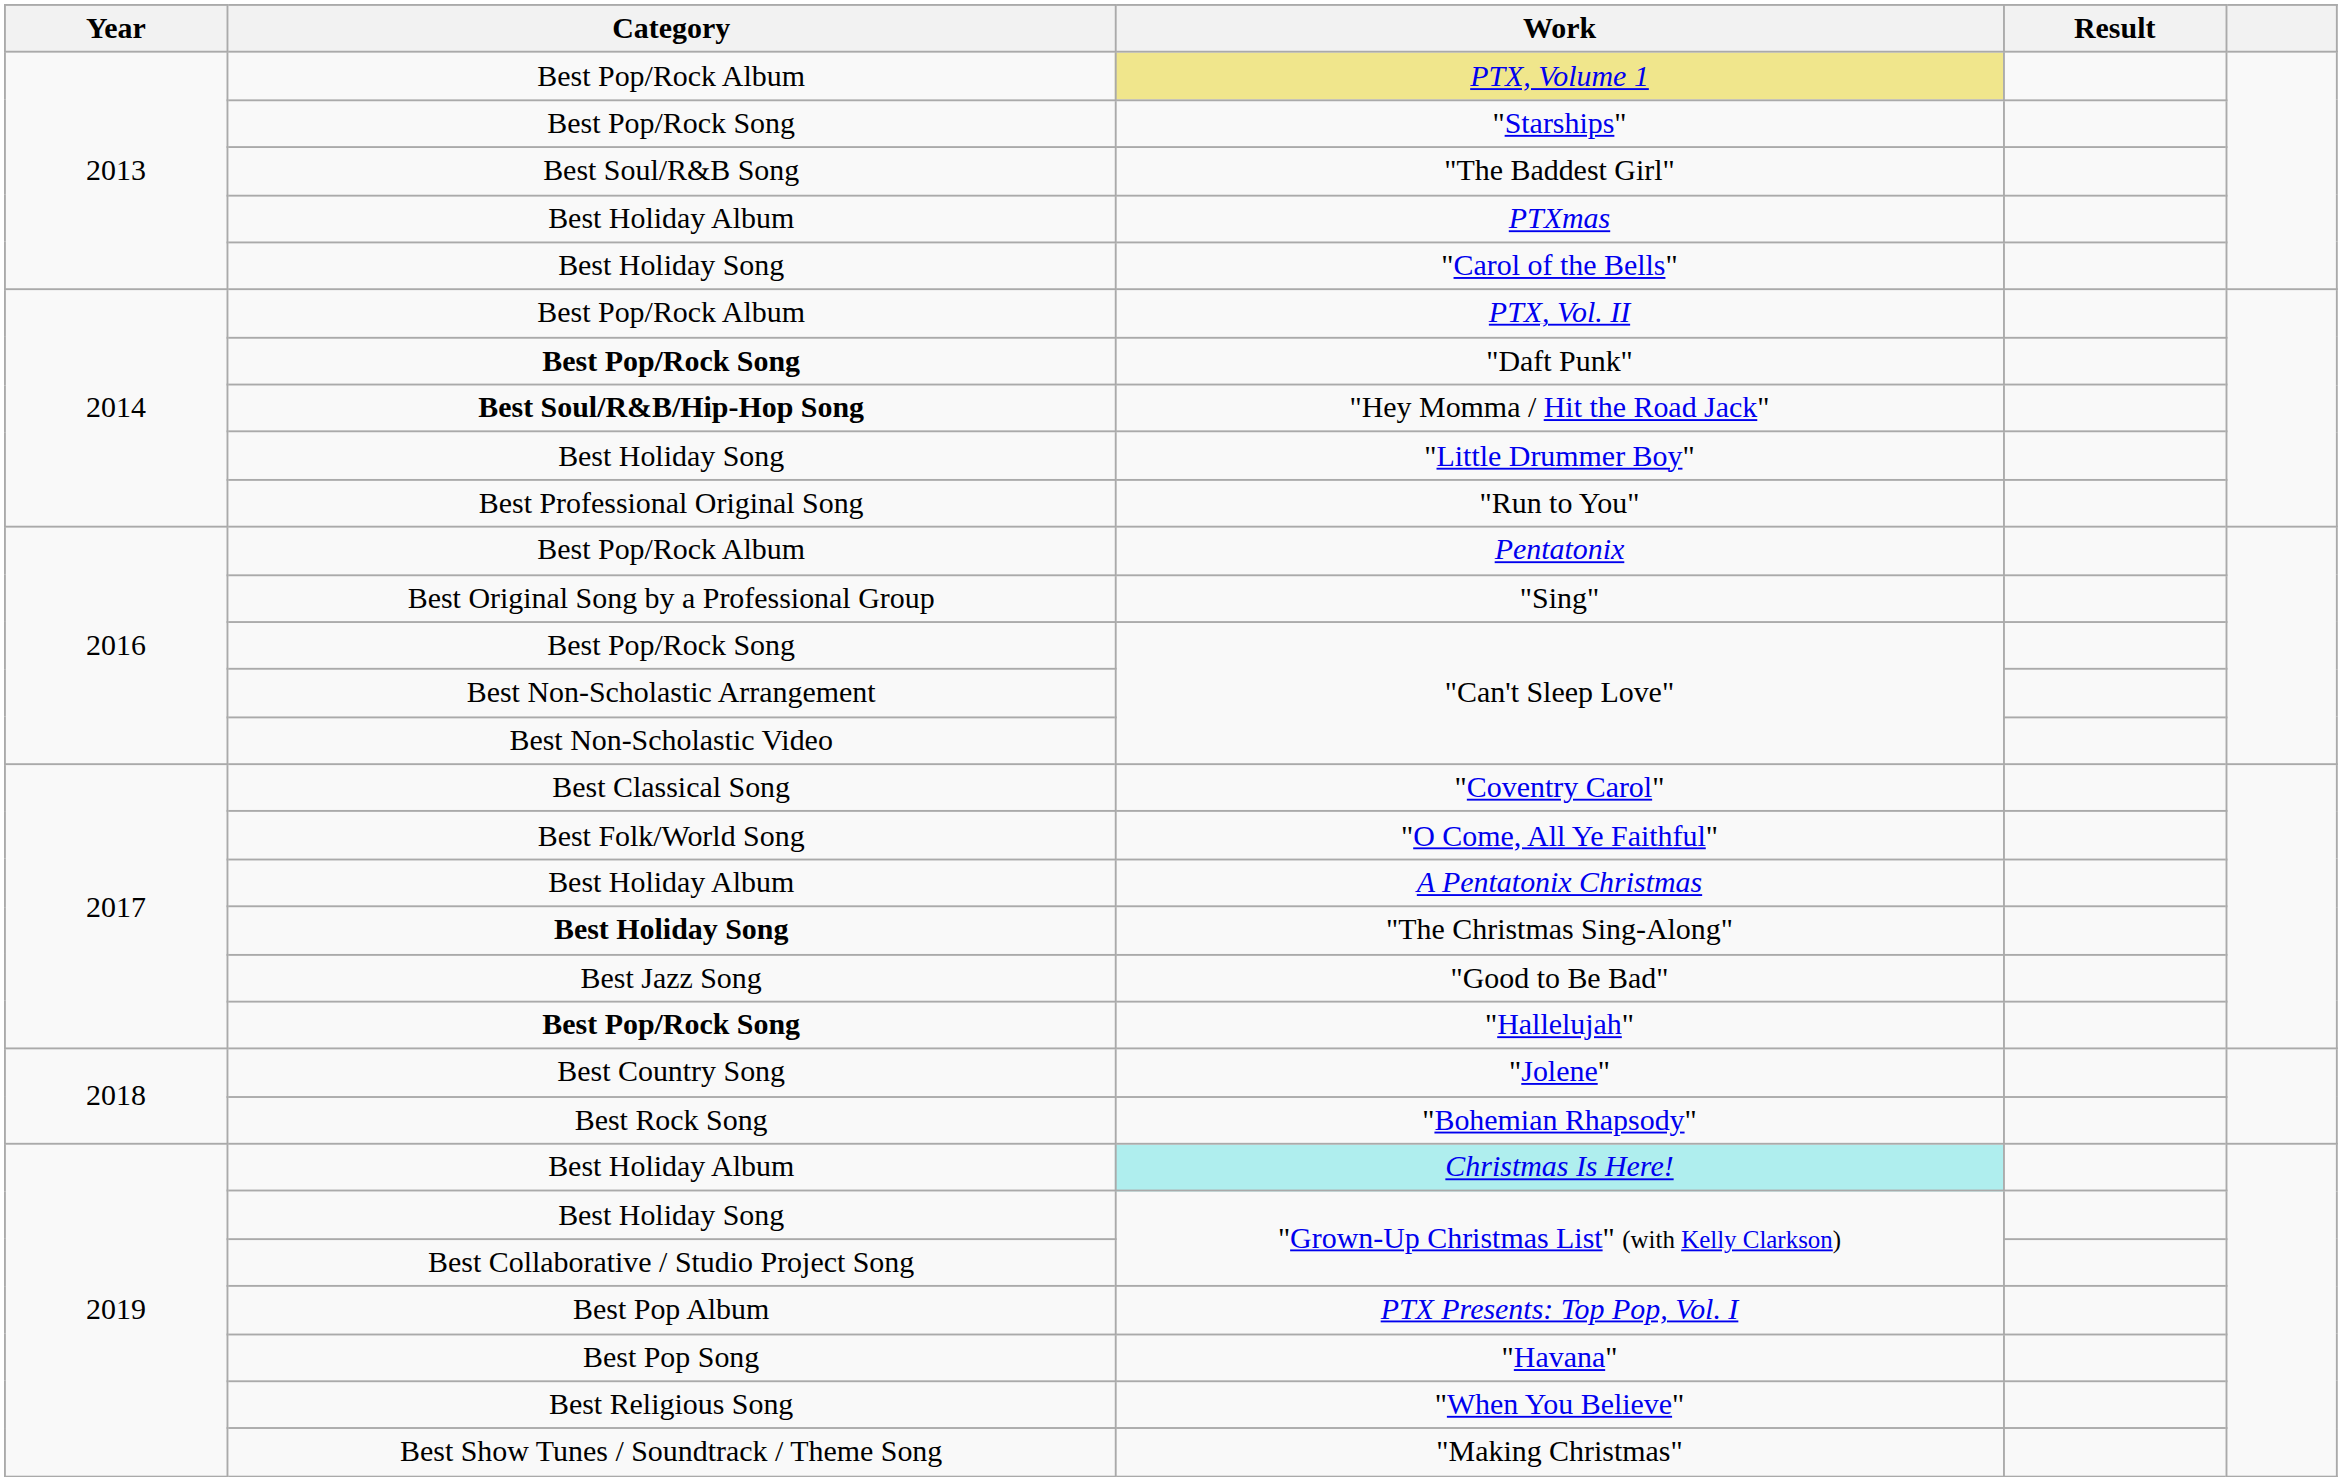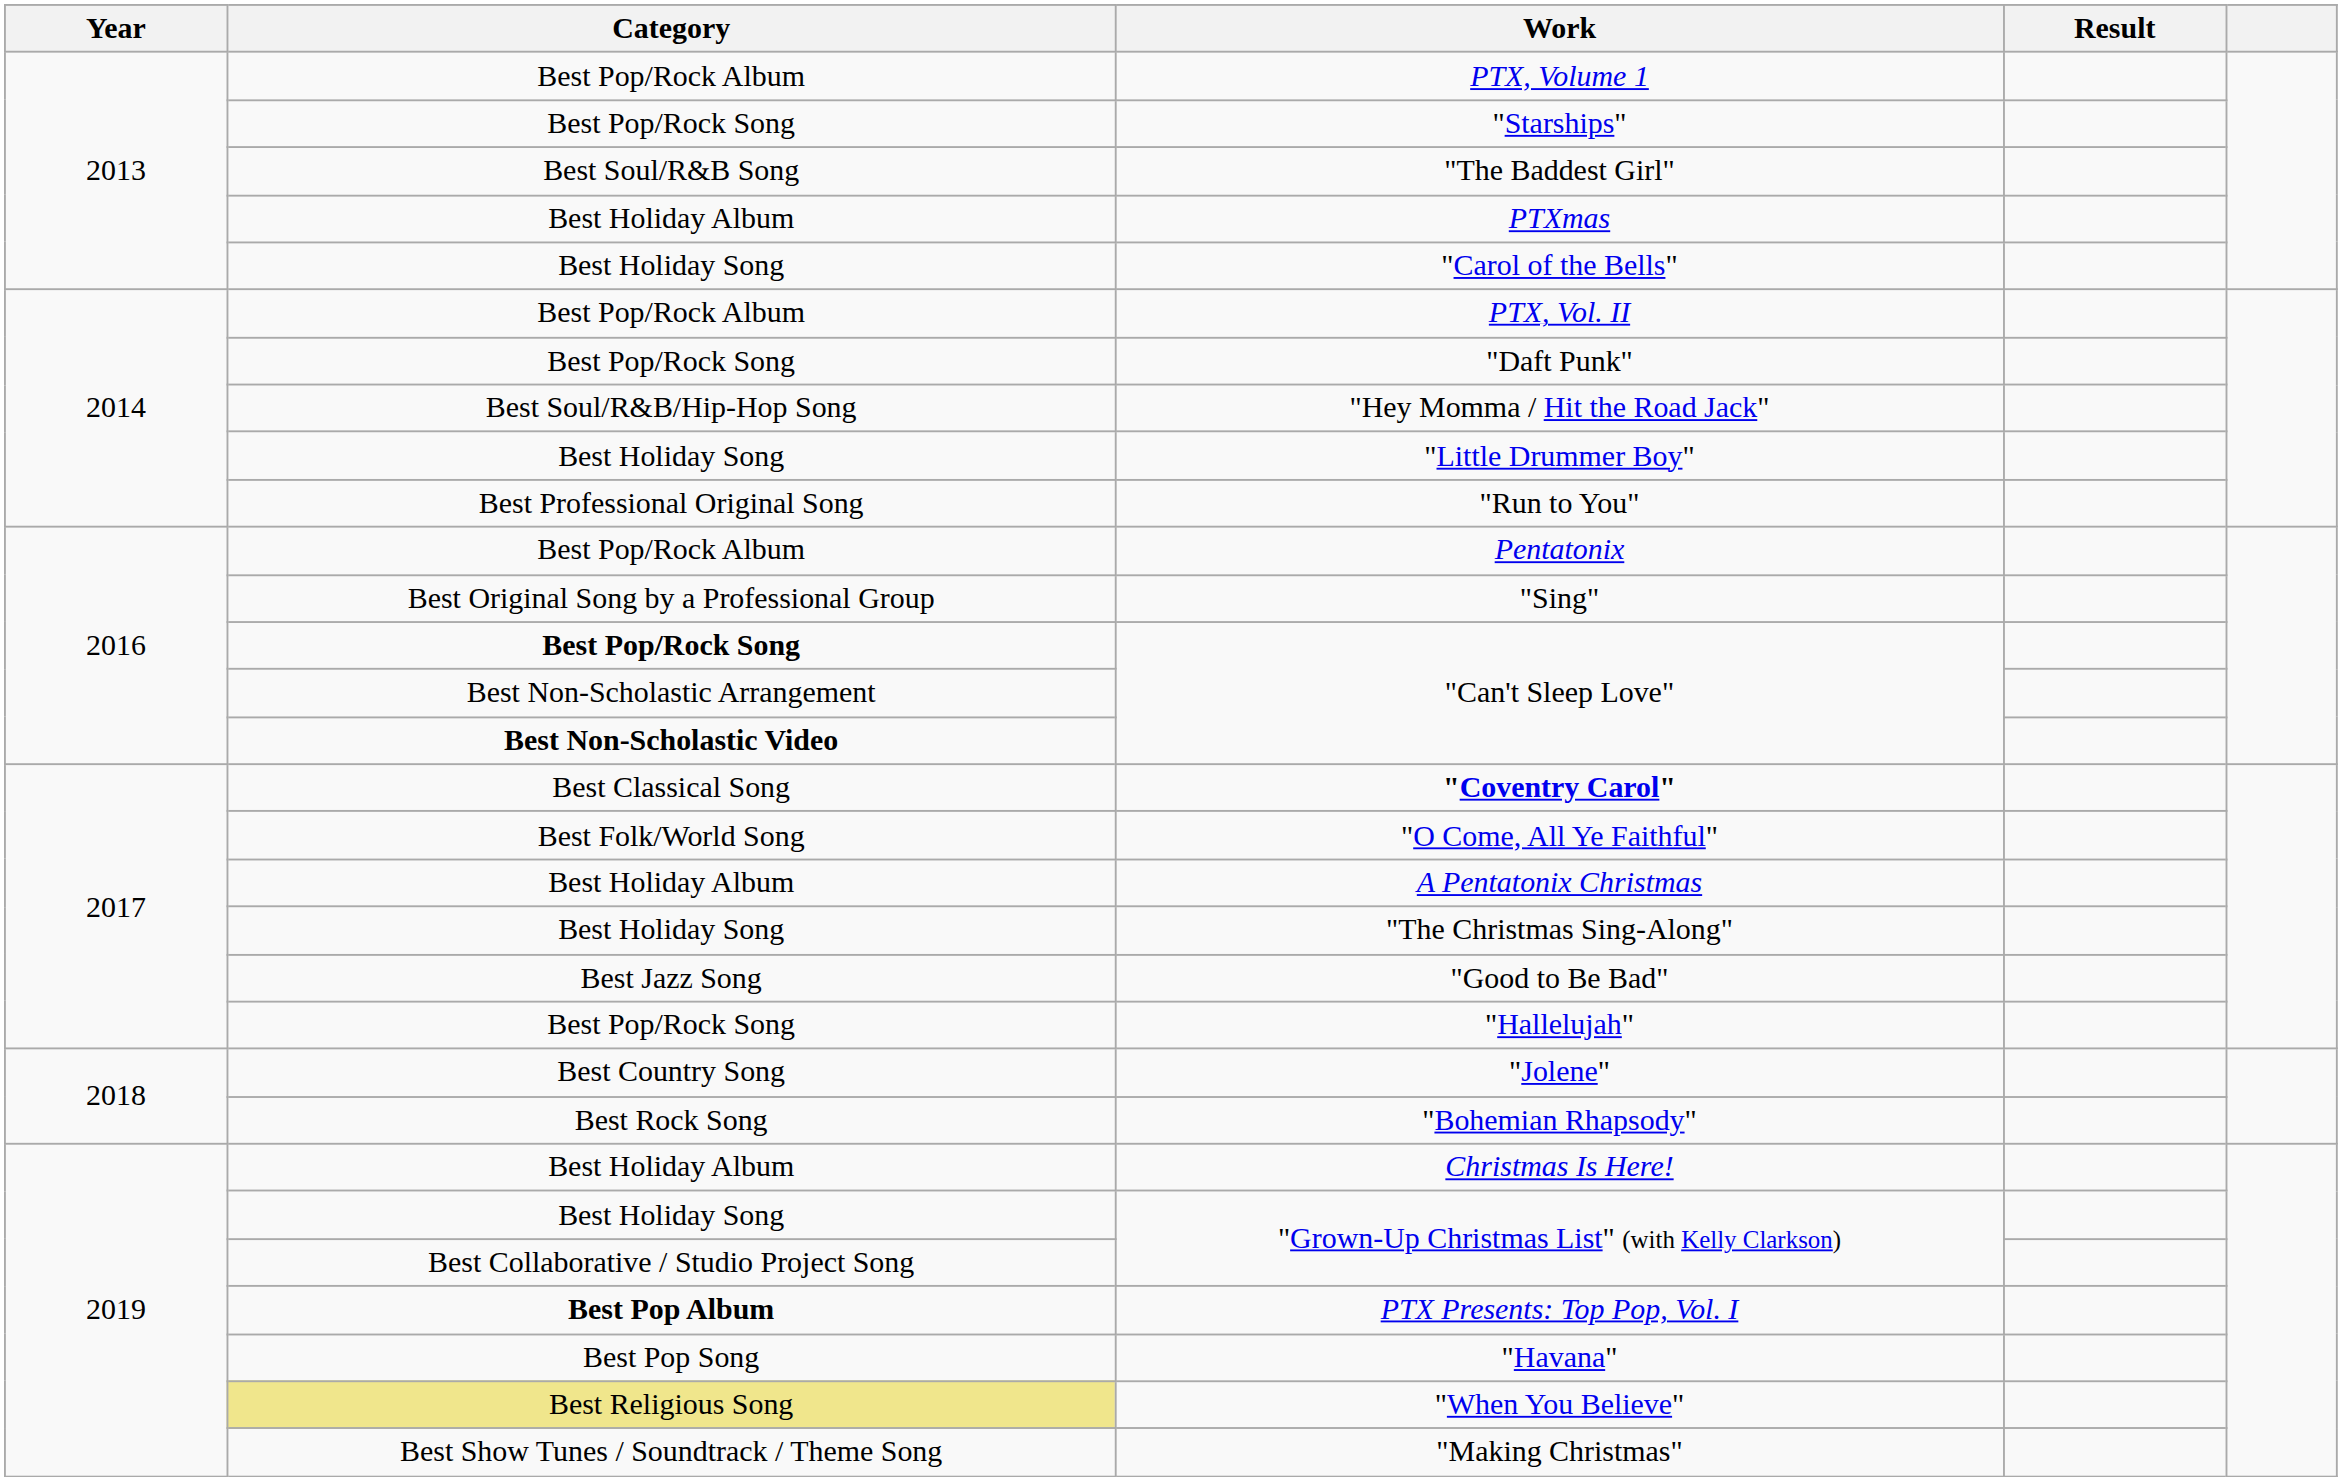 <table class="wikitable">
 <tr>
 <th style="width:5%;">Year</th>
 <th style="width:20%;">Category</th>
 <th style="width:20%;">Work</th>
 <th style="width:5%;">Result</th>
 <th style="width:2.5%;"></th>
 </tr>
 <tr>
 <td style="text-align:center;" rowspan="5">2013</td>
 <td style="text-align:center;">Best Pop/Rock Album</td>
-<td style="background: khaki; text-align:center;"><em><a href='#'>PTX, Volume 1</a></em></td>
+<td style="text-align:center;"><em><a href='#'>PTX, Volume 1</a></em></td>
 <td></td>
 <td style="text-align:center;" rowspan="5"></td>
 </tr>
 <tr>
 <td style="text-align:center;">Best Pop/Rock Song</td>
 <td style="text-align:center;">"<a href='#'>Starships</a>"</td>
 <td></td>
 </tr>
 <tr>
 <td style="text-align:center;">Best Soul/R&B Song</td>
 <td style="text-align:center;">"The Baddest Girl"</td>
 <td></td>
 </tr>
 <tr>
 <td style="text-align:center;">Best Holiday Album</td>
 <td style="text-align:center;"><em><a href='#'>PTXmas</a></em></td>
 <td></td>
 </tr>
 <tr>
 <td style="text-align:center;">Best Holiday Song</td>
 <td style="text-align:center;">"<a href='#'>Carol of the Bells</a>"</td>
 <td></td>
 </tr>
 <tr>
 <td style="text-align:center;" rowspan="5">2014</td>
 <td style="text-align:center;">Best Pop/Rock Album</td>
 <td style="text-align:center;"><em><a href='#'>PTX, Vol. II</a></em></td>
 <td></td>
 <td style="text-align:center;" rowspan="5"></td>
 </tr>
 <tr>
-<td style="text-align:center;"><strong>Best Pop/Rock Song</strong></td>
+<td style="text-align:center;">Best Pop/Rock Song</td>
 <td style="text-align:center;">"Daft Punk"</td>
 <td></td>
 </tr>
 <tr>
-<td style="text-align:center;"><strong>Best Soul/R&B/Hip-Hop Song</strong></td>
+<td style="text-align:center;">Best Soul/R&B/Hip-Hop Song</td>
 <td style="text-align:center;">"Hey Momma / <a href='#'>Hit the Road Jack</a>"</td>
 <td></td>
 </tr>
 <tr>
 <td style="text-align:center;">Best Holiday Song</td>
 <td style="text-align:center;">"<a href='#'>Little Drummer Boy</a>"</td>
 <td></td>
 </tr>
 <tr>
 <td style="text-align:center;">Best Professional Original Song</td>
 <td style="text-align:center;">"Run to You"</td>
 <td></td>
 </tr>
 <tr>
 <td style="text-align:center;" rowspan="5">2016</td>
 <td style="text-align:center;">Best Pop/Rock Album</td>
 <td style="text-align:center;"><em><a href='#'>Pentatonix</a></em></td>
 <td></td>
 <td style="text-align:center;" rowspan="5"></td>
 </tr>
 <tr>
 <td style="text-align:center;">Best Original Song by a Professional Group</td>
 <td style="text-align:center;">"Sing"</td>
 <td></td>
 </tr>
 <tr>
-<td style="text-align:center;">Best Pop/Rock Song</td>
+<td style="text-align:center;"><strong>Best Pop/Rock Song</strong></td>
 <td style="text-align:center;" rowspan="3">"Can't Sleep Love"</td>
 <td></td>
 </tr>
 <tr>
 <td style="text-align:center;">Best Non-Scholastic Arrangement</td>
 <td></td>
 </tr>
 <tr>
-<td style="text-align:center;">Best Non-Scholastic Video</td>
+<td style="text-align:center;"><strong>Best Non-Scholastic Video</strong></td>
 <td></td>
 </tr>
 <tr>
 <td style="text-align:center;" rowspan="6">2017</td>
 <td style="text-align:center;">Best Classical Song</td>
-<td style="text-align:center;">"<a href='#'>Coventry Carol</a>"</td>
+<td style="text-align:center;"><strong>"<a href='#'>Coventry Carol</a>"</strong></td>
 <td></td>
 <td style="text-align:center;" rowspan="6"></td>
 </tr>
 <tr>
 <td style="text-align:center;">Best Folk/World Song</td>
 <td style="text-align:center;">"<a href='#'>O Come, All Ye Faithful</a>"</td>
 <td></td>
 </tr>
 <tr>
 <td style="text-align:center;">Best Holiday Album</td>
 <td style="text-align:center;"><em><a href='#'>A Pentatonix Christmas</a></em></td>
 <td></td>
 </tr>
 <tr>
-<td style="text-align:center;"><strong>Best Holiday Song</strong></td>
+<td style="text-align:center;">Best Holiday Song</td>
 <td style="text-align:center;">"The Christmas Sing-Along"</td>
 <td></td>
 </tr>
 <tr>
 <td style="text-align:center;">Best Jazz Song</td>
 <td style="text-align:center;">"Good to Be Bad"</td>
 <td></td>
 </tr>
 <tr>
-<td style="text-align:center;"><strong>Best Pop/Rock Song</strong></td>
+<td style="text-align:center;">Best Pop/Rock Song</td>
 <td style="text-align:center;">"<a href='#'>Hallelujah</a>"</td>
 <td></td>
 </tr>
 <tr>
 <td style="text-align:center;" rowspan="2">2018</td>
 <td style="text-align:center;">Best Country Song</td>
 <td style="text-align:center;">"<a href='#'>Jolene</a>"</td>
 <td></td>
 <td style="text-align:center;" rowspan="2"></td>
 </tr>
 <tr>
 <td style="text-align:center;">Best Rock Song</td>
 <td style="text-align:center;">"<a href='#'>Bohemian Rhapsody</a>"</td>
 <td></td>
 </tr>
 <tr>
 <td style="text-align:center;" rowspan="7">2019</td>
 <td style="text-align:center;">Best Holiday Album</td>
-<td style="background: paleturquoise; text-align:center;"><em><a href='#'>Christmas Is Here!</a></em></td>
+<td style="text-align:center;"><em><a href='#'>Christmas Is Here!</a></em></td>
 <td></td>
 <td style="text-align:center;" rowspan="7"></td>
 </tr>
 <tr>
 <td style="text-align:center;">Best Holiday Song</td>
 <td style="text-align:center;" rowspan="2">"<a href='#'>Grown-Up Christmas List</a>" <small>(with <a href='#'>Kelly Clarkson</a>)</small></td>
 <td></td>
 </tr>
 <tr>
 <td style="text-align:center;">Best Collaborative / Studio Project Song</td>
 <td></td>
 </tr>
 <tr>
-<td style="text-align:center;">Best Pop Album</td>
+<td style="text-align:center;"><strong>Best Pop Album</strong></td>
 <td style="text-align:center;"><em><a href='#'>PTX Presents: Top Pop, Vol. I</a></em></td>
 <td></td>
 </tr>
 <tr>
 <td style="text-align:center;">Best Pop Song</td>
 <td style="text-align:center;">"<a href='#'>Havana</a>"</td>
 <td></td>
 </tr>
 <tr>
-<td style="text-align:center;">Best Religious Song</td>
+<td style="background: khaki; text-align:center;">Best Religious Song</td>
 <td style="text-align:center;">"<a href='#'>When You Believe</a>"</td>
 <td></td>
 </tr>
 <tr>
 <td style="text-align:center;">Best Show Tunes / Soundtrack / Theme Song</td>
 <td style="text-align:center;">"Making Christmas"</td>
 <td></td>
 </tr>
 </table>
